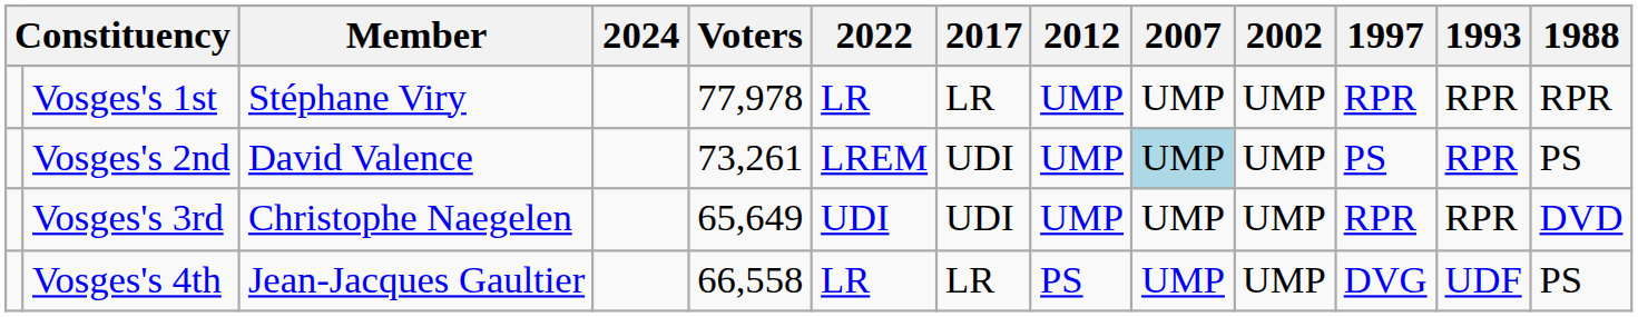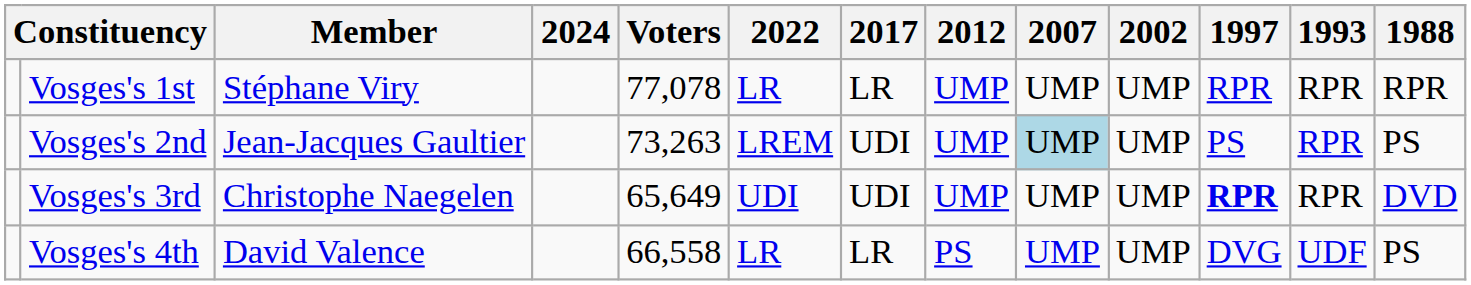 <table class="wikitable sortable">
 <tr>
 <th colspan="2">Constituency</th>
 <th>Member</th>
 <th>2024</th>
 <th>Voters</th>
 <th>2022</th>
 <th>2017</th>
 <th>2012</th>
 <th>2007</th>
 <th>2002</th>
 <th>1997</th>
 <th>1993</th>
 <th>1988</th>
 </tr>
 <tr>
 <td style="background-color: "></td>
 <td><a href='#'>Vosges's 1st</a></td>
 <td><a href='#'>Stéphane Viry</a></td>
 <td></td>
-<td>77,978</td>
+<td>77,078</td>
 <td><a href='#'>LR</a></td>
 <td>LR</td>
 <td><a href='#'>UMP</a></td>
 <td>UMP</td>
 <td>UMP</td>
 <td><a href='#'>RPR</a></td>
 <td>RPR</td>
 <td>RPR</td>
 </tr>
 <tr>
 <td style="background-color: "></td>
 <td><a href='#'>Vosges's 2nd</a></td>
-<td><a href='#'>David Valence</a></td>
+<td><a href='#'>Jean-Jacques Gaultier</a></td>
 <td></td>
-<td>73,261</td>
+<td>73,263</td>
 <td><a href='#'>LREM</a></td>
 <td>UDI</td>
 <td><a href='#'>UMP</a></td>
 <td style="background: lightblue;">UMP</td>
 <td>UMP</td>
 <td><a href='#'>PS</a></td>
 <td><a href='#'>RPR</a></td>
 <td>PS</td>
 </tr>
 <tr>
 <td style="background-color: "></td>
 <td><a href='#'>Vosges's 3rd</a></td>
 <td><a href='#'>Christophe Naegelen</a></td>
 <td></td>
 <td>65,649</td>
 <td><a href='#'>UDI</a></td>
 <td>UDI</td>
 <td><a href='#'>UMP</a></td>
 <td>UMP</td>
 <td>UMP</td>
-<td><a href='#'>RPR</a></td>
+<td><strong><a href='#'>RPR</a></strong></td>
 <td>RPR</td>
 <td><a href='#'>DVD</a></td>
 </tr>
 <tr>
 <td style="background-color: "></td>
 <td><a href='#'>Vosges's 4th</a></td>
-<td><a href='#'>Jean-Jacques Gaultier</a></td>
+<td><a href='#'>David Valence</a></td>
 <td></td>
 <td>66,558</td>
 <td><a href='#'>LR</a></td>
 <td>LR</td>
 <td><a href='#'>PS</a></td>
 <td><a href='#'>UMP</a></td>
 <td>UMP</td>
 <td><a href='#'>DVG</a></td>
 <td><a href='#'>UDF</a></td>
 <td>PS</td>
 </tr>
 </table>
